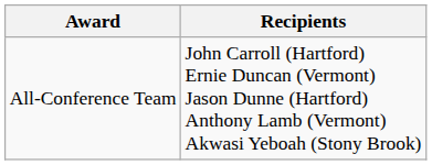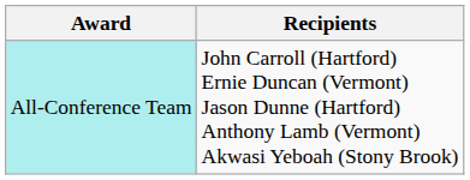 <table class="wikitable" style="white-space:nowrap; font-size:90%;">
 <tr>
 <th>Award</th>
 <th>Recipients</th>
 </tr>
 <tr>
-<td>All-Conference Team</td>
+<td style="background: paleturquoise;">All-Conference Team</td>
 <td>John Carroll (Hartford)<br> Ernie Duncan (Vermont)<br> Jason Dunne (Hartford)<br> Anthony Lamb (Vermont)<br> Akwasi Yeboah (Stony Brook)</td>
 </tr>
 </table>
